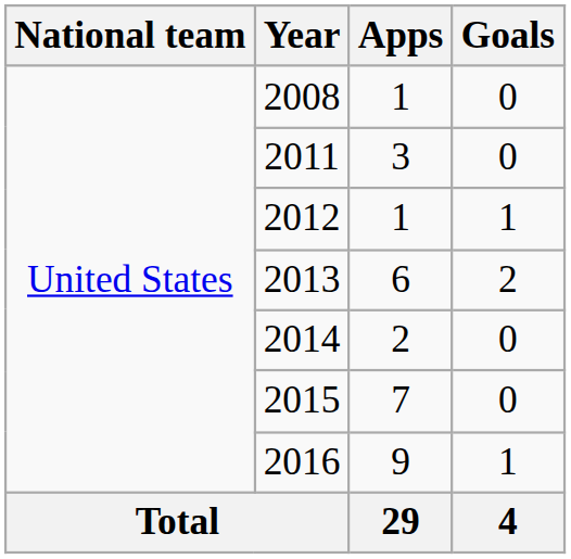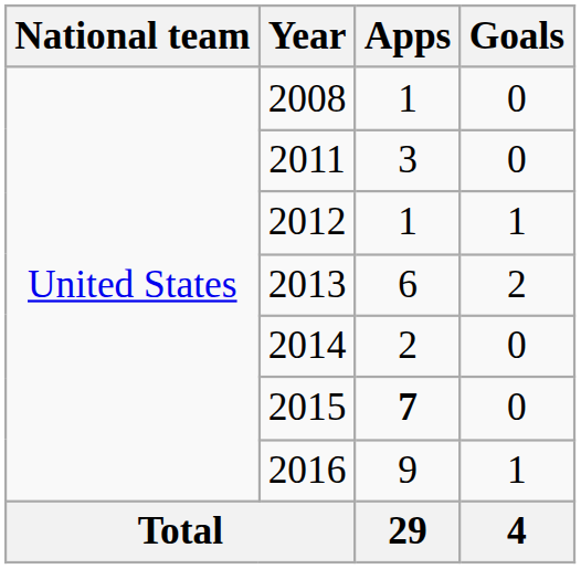 <table class="wikitable" style="text-align: center">
 <tr>
 <th>National team</th>
 <th>Year</th>
 <th>Apps</th>
 <th>Goals</th>
 </tr>
 <tr>
 <td rowspan="7"><a href='#'>United States</a></td>
 <td>2008</td>
 <td>1</td>
 <td>0</td>
 </tr>
 <tr>
 <td>2011</td>
 <td>3</td>
 <td>0</td>
 </tr>
 <tr>
 <td>2012</td>
 <td>1</td>
 <td>1</td>
 </tr>
 <tr>
 <td>2013</td>
 <td>6</td>
 <td>2</td>
 </tr>
 <tr>
 <td>2014</td>
 <td>2</td>
 <td>0</td>
 </tr>
 <tr>
 <td>2015</td>
-<td>7</td>
+<td><strong>7</strong></td>
 <td>0</td>
 </tr>
 <tr>
 <td>2016</td>
 <td>9</td>
 <td>1</td>
 </tr>
 <tr>
 <th colspan=2>Total</th>
 <th>29</th>
 <th>4</th>
 </tr>
 </table>
